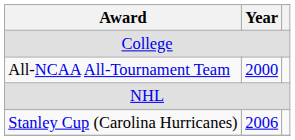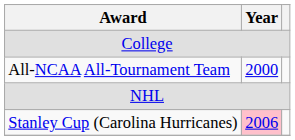 <table class="wikitable">
 <tr>
 <th>Award</th>
 <th>Year</th>
 <th></th>
 </tr>
 <tr ALIGN="center" bgcolor="#e0e0e0">
 <td colspan="3"><a href='#'>College</a></td>
 </tr>
 <tr>
 <td>All-<a href='#'>NCAA</a> <a href='#'>All-Tournament Team</a></td>
 <td><a href='#'>2000</a></td>
 <td></td>
 </tr>
 <tr ALIGN="center" bgcolor="#e0e0e0">
 <td colspan="3"><a href='#'>NHL</a></td>
 </tr>
 <tr>
 <td><a href='#'>Stanley Cup</a> (Carolina Hurricanes)</td>
-<td><a href='#'>2006</a></td>
+<td style="background: pink;"><a href='#'>2006</a></td>
 <td></td>
 </tr>
 <tr>
 </tr>
 </table>
